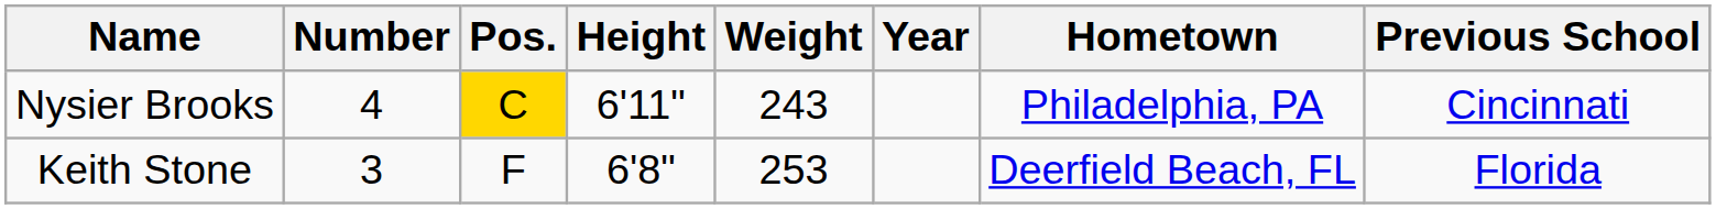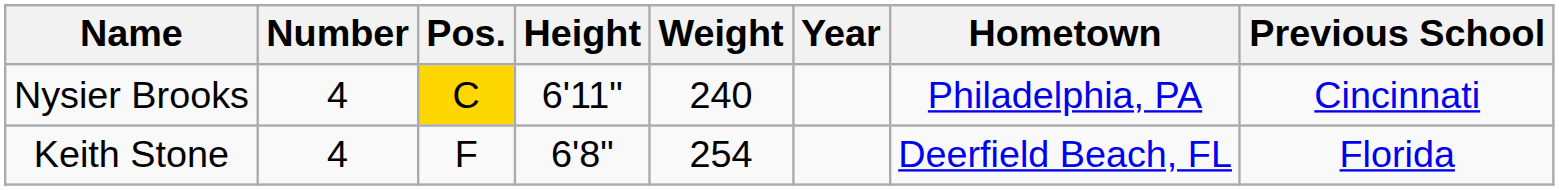 <table class="wikitable sortable" border="1" style="text-align:center;">
 <tr align=center>
 <th>Name</th>
 <th>Number</th>
 <th>Pos.</th>
 <th>Height</th>
 <th>Weight</th>
 <th>Year</th>
 <th>Hometown</th>
 <th>Previous School</th>
 </tr>
 <tr>
 <td>Nysier Brooks</td>
 <td>4</td>
 <td style="background: gold;">C</td>
 <td>6'11"</td>
-<td>243</td>
+<td>240</td>
 <td></td>
 <td><a href='#'>Philadelphia, PA</a></td>
 <td><a href='#'>Cincinnati</a></td>
 </tr>
 <tr>
 <td>Keith Stone</td>
-<td>3</td>
+<td>4</td>
 <td>F</td>
 <td>6'8"</td>
-<td>253</td>
+<td>254</td>
 <td></td>
 <td><a href='#'>Deerfield Beach, FL</a></td>
 <td><a href='#'>Florida</a></td>
 </tr>
 </table>
